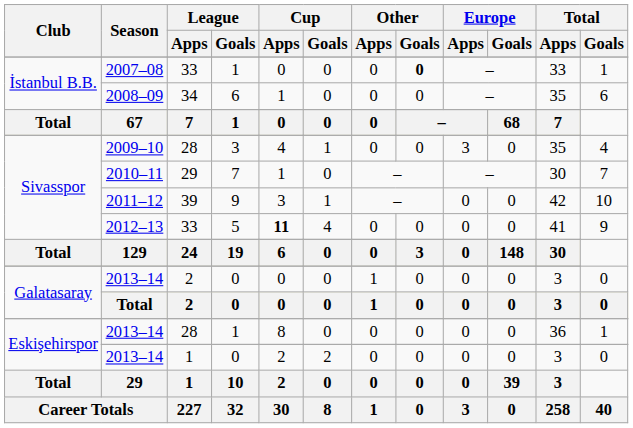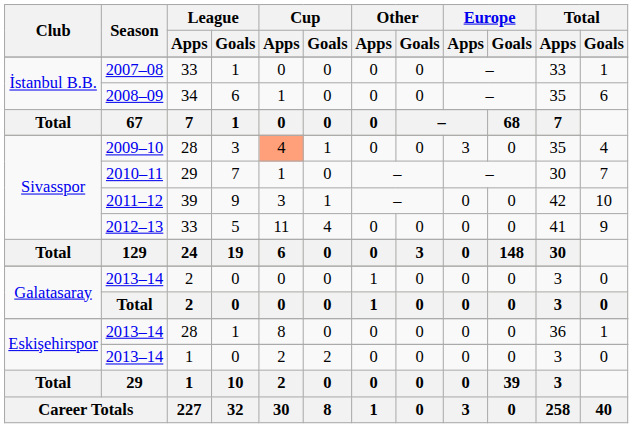 <table class="wikitable" style="text-align: center;">
 <tr>
 <th rowspan="2">Club</th>
 <th rowspan="2">Season</th>
 <th colspan="2">League</th>
 <th colspan="2">Cup</th>
 <th colspan="2">Other</th>
 <th colspan="2"><a href='#'>Europe</a></th>
 <th colspan="2">Total</th>
 </tr>
 <tr>
 <th>Apps</th>
 <th>Goals</th>
 <th>Apps</th>
 <th>Goals</th>
 <th>Apps</th>
 <th>Goals</th>
 <th>Apps</th>
 <th>Goals</th>
 <th>Apps</th>
 <th>Goals</th>
 </tr>
 <tr>
 </tr>
 <tr style="text-align:center;">
 <td rowspan="3" style="vertical-align:center;"><a href='#'>İstanbul B.B.</a></td>
 <td><a href='#'>2007–08</a></td>
 <td>33</td>
 <td>1</td>
 <td>0</td>
 <td>0</td>
 <td>0</td>
-<td><strong>0</strong></td>
+<td>0</td>
 <td colspan="2">–</td>
 <td>33</td>
 <td>1</td>
 </tr>
 <tr>
 <td><a href='#'>2008–09</a></td>
 <td>34</td>
 <td>6</td>
 <td>1</td>
 <td>0</td>
 <td>0</td>
 <td>0</td>
 <td colspan="2">–</td>
 <td>35</td>
 <td>6</td>
 </tr>
 <tr>
 </tr>
 <tr style="background:lemonchiffon">
 <th>Total</th>
 <th>67</th>
 <th>7</th>
 <th>1</th>
 <th>0</th>
 <th>0</th>
 <th>0</th>
 <th colspan="2">–</th>
 <th>68</th>
 <th>7</th>
 </tr>
 <tr>
 </tr>
 <tr style="text-align:center;">
 <td rowspan="5" style="vertical-align:center;"><a href='#'>Sivasspor</a></td>
 <td><a href='#'>2009–10</a></td>
 <td>28</td>
 <td>3</td>
-<td>4</td>
+<td style="background: lightsalmon;">4</td>
 <td>1</td>
 <td>0</td>
 <td>0</td>
 <td>3</td>
 <td>0</td>
 <td>35</td>
 <td>4</td>
 </tr>
 <tr>
 <td><a href='#'>2010–11</a></td>
 <td>29</td>
 <td>7</td>
 <td>1</td>
 <td>0</td>
 <td colspan="2">–</td>
 <td colspan="2">–</td>
 <td>30</td>
 <td>7</td>
 </tr>
 <tr>
 <td><a href='#'>2011–12</a></td>
 <td>39</td>
 <td>9</td>
 <td>3</td>
 <td>1</td>
 <td colspan="2">–</td>
 <td>0</td>
 <td>0</td>
 <td>42</td>
 <td>10</td>
 </tr>
 <tr>
 <td><a href='#'>2012–13</a></td>
 <td>33</td>
 <td>5</td>
-<td><strong>11</strong></td>
+<td>11</td>
 <td>4</td>
 <td>0</td>
 <td>0</td>
 <td>0</td>
 <td>0</td>
 <td>41</td>
 <td>9</td>
 </tr>
 <tr>
 </tr>
 <tr style="background:lemonchiffon">
 <th>Total</th>
 <th>129</th>
 <th>24</th>
 <th>19</th>
 <th>6</th>
 <th>0</th>
 <th>0</th>
 <th>3</th>
 <th>0</th>
 <th>148</th>
 <th>30</th>
 </tr>
 <tr>
 </tr>
 <tr style="text-align:center;">
 <td rowspan="2" style="vertical-align:center;"><a href='#'>Galatasaray</a></td>
 <td><a href='#'>2013–14</a></td>
 <td>2</td>
 <td>0</td>
 <td>0</td>
 <td>0</td>
 <td>1</td>
 <td>0</td>
 <td>0</td>
 <td>0</td>
 <td>3</td>
 <td>0</td>
 </tr>
 <tr style="background:lemonchiffon">
 <th>Total</th>
 <th>2</th>
 <th>0</th>
 <th>0</th>
 <th>0</th>
 <th>1</th>
 <th>0</th>
 <th>0</th>
 <th>0</th>
 <th>3</th>
 <th>0</th>
 </tr>
 <tr>
 </tr>
 <tr style="text-align:center;">
 <td rowspan="3" style="vertical-align:center;"><a href='#'>Eskişehirspor</a></td>
 <td><a href='#'>2013–14</a></td>
 <td>28</td>
 <td>1</td>
 <td>8</td>
 <td>0</td>
 <td>0</td>
 <td>0</td>
 <td>0</td>
 <td>0</td>
 <td>36</td>
 <td>1</td>
 </tr>
 <tr style="background:lemonchiffon">
 </tr>
 <tr>
 <td><a href='#'>2013–14</a></td>
 <td>1</td>
 <td>0</td>
 <td>2</td>
 <td>2</td>
 <td>0</td>
 <td>0</td>
 <td>0</td>
 <td>0</td>
 <td>3</td>
 <td>0</td>
 </tr>
 <tr>
 <th>Total</th>
 <th>29</th>
 <th>1</th>
 <th>10</th>
 <th>2</th>
 <th>0</th>
 <th>0</th>
 <th>0</th>
 <th>0</th>
 <th>39</th>
 <th>3</th>
 </tr>
 <tr>
 <th colspan="2">Career Totals</th>
 <th>227</th>
 <th>32</th>
 <th>30</th>
 <th>8</th>
 <th>1</th>
 <th>0</th>
 <th>3</th>
 <th>0</th>
 <th>258</th>
 <th>40</th>
 </tr>
 </table>
